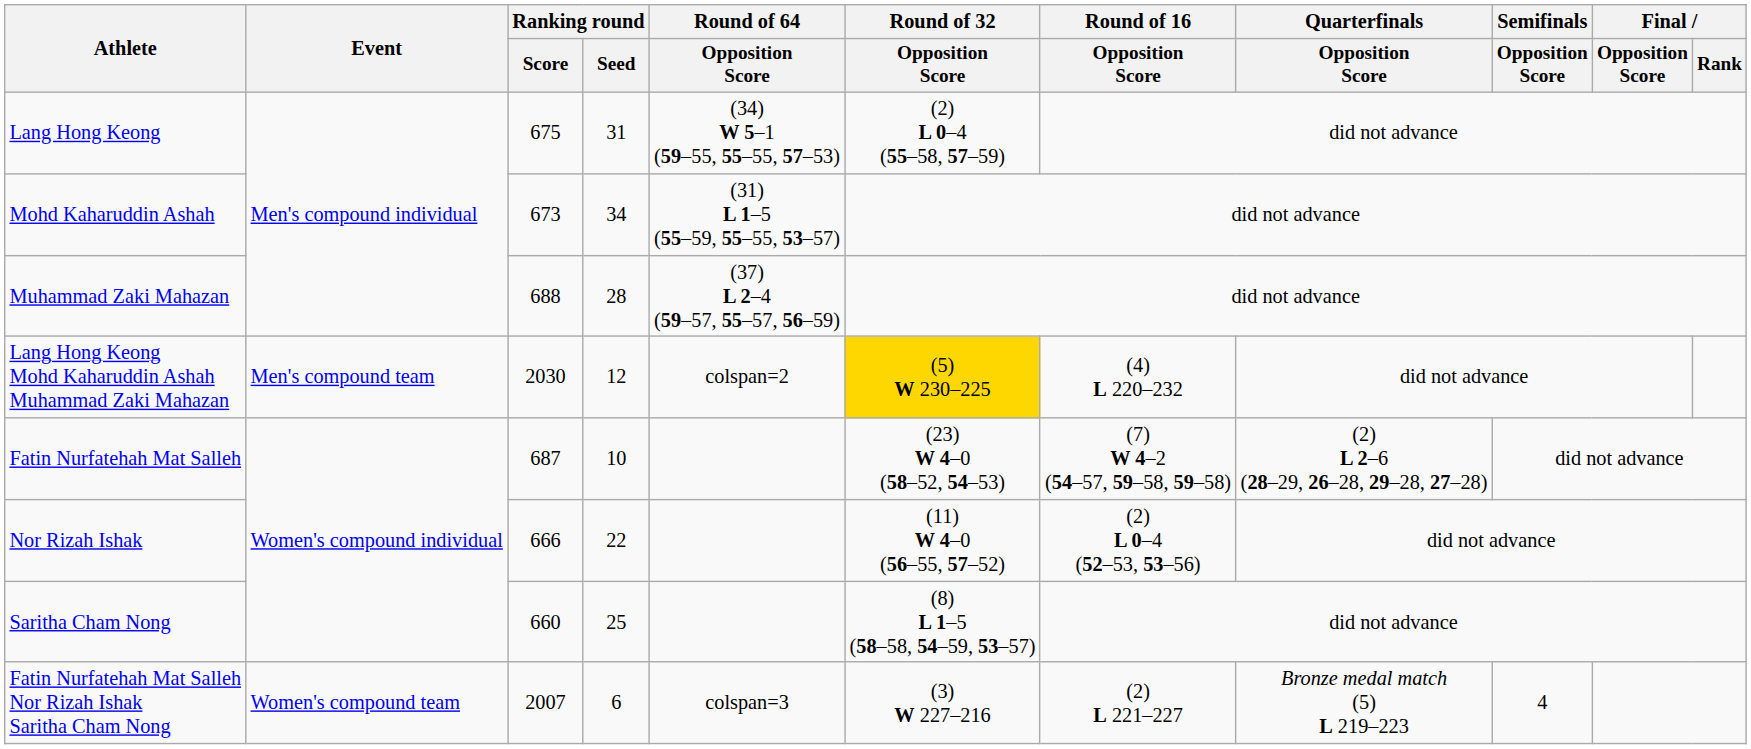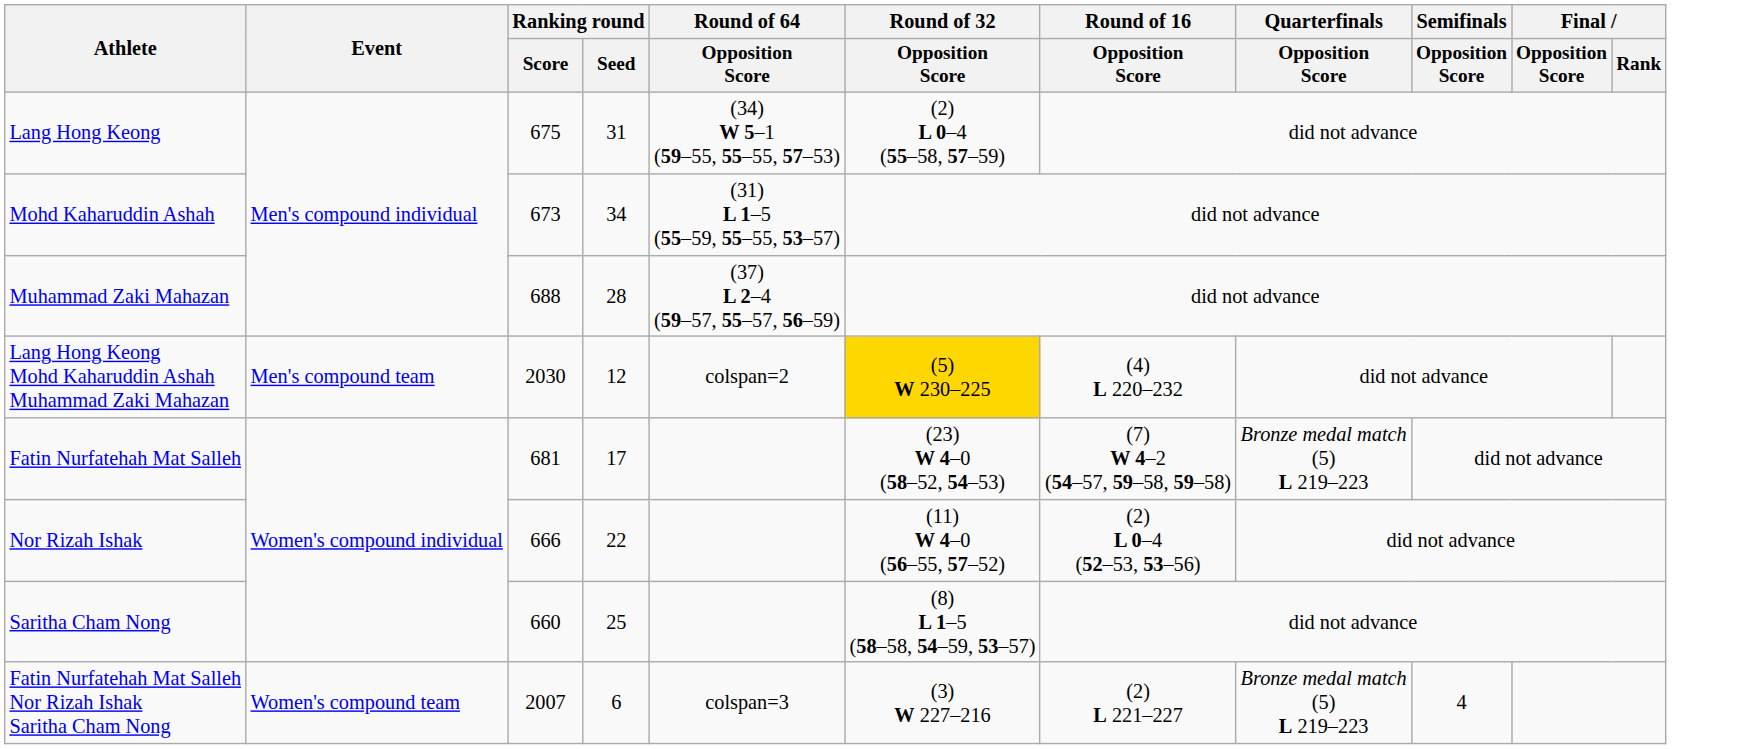 <table class="wikitable" style="font-size:90%">
 <tr>
 <th rowspan="2">Athlete</th>
 <th rowspan="2">Event</th>
 <th colspan="2">Ranking round</th>
 <th>Round of 64</th>
 <th>Round of 32</th>
 <th>Round of 16</th>
 <th>Quarterfinals</th>
 <th>Semifinals</th>
 <th colspan="2">Final / </th>
 </tr>
 <tr style="font-size:95%">
 <th>Score</th>
 <th>Seed</th>
 <th>Opposition<br>Score</th>
 <th>Opposition<br>Score</th>
 <th>Opposition<br>Score</th>
 <th>Opposition<br>Score</th>
 <th>Opposition<br>Score</th>
 <th>Opposition<br>Score</th>
 <th>Rank</th>
 </tr>
 <tr align=center>
 <td align=left><a href='#'>Lang Hong Keong</a></td>
 <td align=left rowspan=3><a href='#'>Men's compound individual</a></td>
 <td>675</td>
 <td>31</td>
 <td> (34)<br><strong>W 5</strong>–1<br>(<strong>59</strong>–55, <strong>55</strong>–55, <strong>57</strong>–53)</td>
 <td> (2)<br><strong>L 0</strong>–4<br>(<strong>55</strong>–58, <strong>57</strong>–59)</td>
 <td colspan=5>did not advance</td>
 </tr>
 <tr align=center>
 <td align=left><a href='#'>Mohd Kaharuddin Ashah</a></td>
 <td>673</td>
 <td>34</td>
 <td> (31)<br><strong>L 1</strong>–5<br>(<strong>55</strong>–59, <strong>55</strong>–55, <strong>53</strong>–57)</td>
 <td colspan=6>did not advance</td>
 </tr>
 <tr align=center>
 <td align=left><a href='#'>Muhammad Zaki Mahazan</a></td>
 <td>688</td>
 <td>28</td>
 <td> (37)<br><strong>L 2</strong>–4<br>(<strong>59</strong>–57, <strong>55</strong>–57, <strong>56</strong>–59)</td>
 <td colspan=6>did not advance</td>
 </tr>
 <tr align=center>
 <td align=left><a href='#'>Lang Hong Keong</a><br><a href='#'>Mohd Kaharuddin Ashah</a><br><a href='#'>Muhammad Zaki Mahazan</a></td>
 <td align=left><a href='#'>Men's compound team</a></td>
 <td>2030</td>
 <td>12</td>
 <td>colspan=2 </td>
 <td style="background: gold;"> (5)<br><strong>W</strong> 230–225</td>
 <td> (4)<br><strong>L</strong> 220–232</td>
 <td colspan=3>did not advance</td>
 </tr>
 <tr align=center>
 <td align=left><a href='#'>Fatin Nurfatehah Mat Salleh</a></td>
 <td align=left rowspan=3><a href='#'>Women's compound individual</a></td>
-<td>687</td>
-<td>10</td>
+<td>681</td>
+<td>17</td>
 <td></td>
 <td> (23)<br><strong>W 4</strong>–0<br>(<strong>58</strong>–52, <strong>54</strong>–53)</td>
 <td> (7)<br><strong>W 4</strong>–2<br>(<strong>54</strong>–57, <strong>59</strong>–58, <strong>59</strong>–58)</td>
-<td> (2)<br><strong>L 2</strong>–6<br>(<strong>28</strong>–29, <strong>26</strong>–28, <strong>29</strong>–28, <strong>27</strong>–28)</td>
+<td><em>Bronze medal match</em><br> (5)<br><strong>L</strong> 219–223</td>
 <td colspan=3>did not advance</td>
 </tr>
 <tr align=center>
 <td align=left><a href='#'>Nor Rizah Ishak</a></td>
 <td>666</td>
 <td>22</td>
 <td></td>
 <td> (11)<br><strong>W 4</strong>–0<br>(<strong>56</strong>–55, <strong>57</strong>–52)</td>
 <td> (2)<br><strong>L 0</strong>–4<br>(<strong>52</strong>–53, <strong>53</strong>–56)</td>
 <td colspan=4>did not advance</td>
 </tr>
 <tr align=center>
 <td align=left><a href='#'>Saritha Cham Nong</a></td>
 <td>660</td>
 <td>25</td>
 <td></td>
 <td> (8)<br><strong>L 1</strong>–5<br>(<strong>58</strong>–58, <strong>54</strong>–59, <strong>53</strong>–57)</td>
 <td colspan=5>did not advance</td>
 </tr>
 <tr align=center>
 <td align=left><a href='#'>Fatin Nurfatehah Mat Salleh</a><br><a href='#'>Nor Rizah Ishak</a><br><a href='#'>Saritha Cham Nong</a></td>
 <td align=left><a href='#'>Women's compound team</a></td>
 <td>2007</td>
 <td>6</td>
 <td>colspan=3 </td>
 <td> (3)<br><strong>W</strong> 227–216</td>
 <td> (2)<br><strong>L</strong> 221–227</td>
 <td><em>Bronze medal match</em><br> (5)<br><strong>L</strong> 219–223</td>
 <td>4</td>
 </tr>
 </table>
